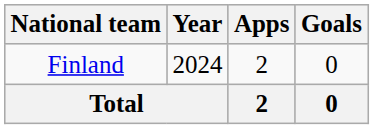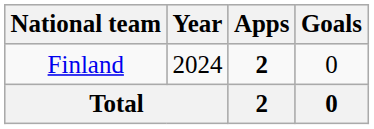 <table class="wikitable" style="text-align:center">
 <tr>
 <th>National team</th>
 <th>Year</th>
 <th>Apps</th>
 <th>Goals</th>
 </tr>
 <tr>
 <td rowspan="1"><a href='#'>Finland</a></td>
 <td>2024</td>
-<td>2</td>
+<td><strong>2</strong></td>
 <td>0</td>
 </tr>
 <tr>
 <th colspan="2">Total</th>
 <th>2</th>
 <th>0</th>
 </tr>
 </table>
